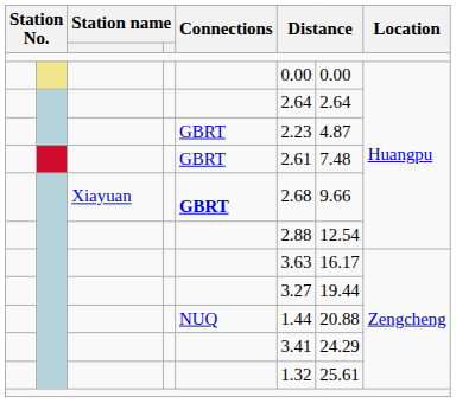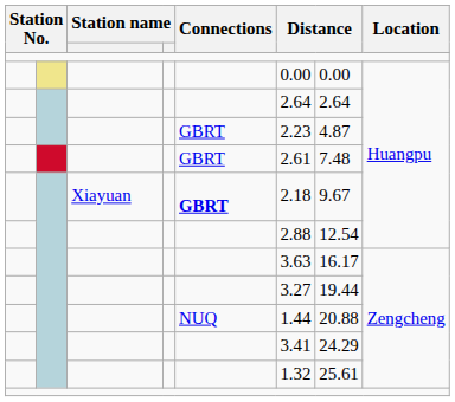 <table class="wikitable">
 <tr>
 <th rowspan="2" colspan="2">Station<br>No.</th>
 <th colspan="2">Station name</th>
 <th rowspan="2">Connections</th>
 <th colspan="2" rowspan="2">Distance<br></th>
 <th rowspan="2">Location</th>
 </tr>
 <tr>
 <th></th>
 <th></th>
 </tr>
 <tr style="background:#">
 <td colspan = "8"></td>
 </tr>
 <tr>
 <td></td>
 <td style="background:#f0e68c"></td>
 <td></td>
 <td></td>
 <td> </td>
 <td>0.00</td>
 <td>0.00</td>
 <td rowspan="6"><a href='#'>Huangpu</a></td>
 </tr>
 <tr>
 <td></td>
 <td rowspan="2" style="background:#b5d4db"></td>
 <td></td>
 <td></td>
 <td> </td>
 <td>2.64</td>
 <td>2.64</td>
 </tr>
 <tr>
 <td></td>
 <td></td>
 <td></td>
 <td> <a href='#'>GBRT</a></td>
 <td>2.23</td>
 <td>4.87</td>
 </tr>
 <tr>
 <td></td>
 <td style="background:#cf0a2c"></td>
 <td></td>
 <td></td>
 <td> <a href='#'>GBRT</a></td>
 <td>2.61</td>
 <td>7.48</td>
 </tr>
 <tr>
 <td></td>
 <td rowspan="7" style="background:#b5d4db"></td>
 <td><a href='#'>Xiayuan</a></td>
 <td></td>
 <td><strong> <br> <a href='#'>GBRT</a></strong></td>
-<td>2.68</td>
-<td>9.66</td>
+<td>2.18</td>
+<td>9.67</td>
 </tr>
 <tr>
 <td></td>
 <td></td>
 <td></td>
 <td></td>
 <td>2.88</td>
 <td>12.54</td>
 </tr>
 <tr>
 <td></td>
 <td></td>
 <td></td>
 <td></td>
 <td>3.63</td>
 <td>16.17</td>
 <td rowspan="5"><a href='#'>Zengcheng</a></td>
 </tr>
 <tr>
 <td></td>
 <td></td>
 <td></td>
 <td></td>
 <td>3.27</td>
 <td>19.44</td>
 </tr>
 <tr>
 <td></td>
 <td></td>
 <td></td>
 <td> <a href='#'>NUQ</a></td>
 <td>1.44</td>
 <td>20.88</td>
 </tr>
 <tr>
 <td></td>
 <td></td>
 <td></td>
 <td></td>
 <td>3.41</td>
 <td>24.29</td>
 </tr>
 <tr>
 <td></td>
 <td></td>
 <td></td>
 <td></td>
 <td>1.32</td>
 <td>25.61</td>
 </tr>
 <tr style="background:#">
 <td colspan = "8"></td>
 </tr>
 </table>
